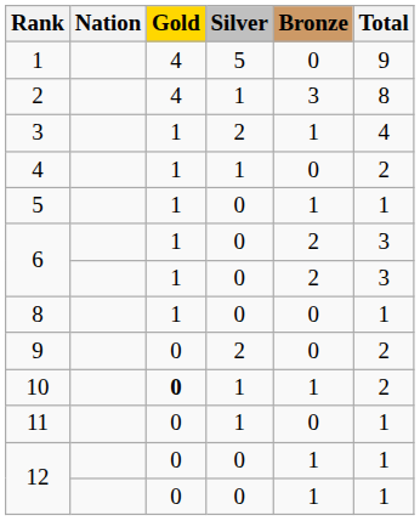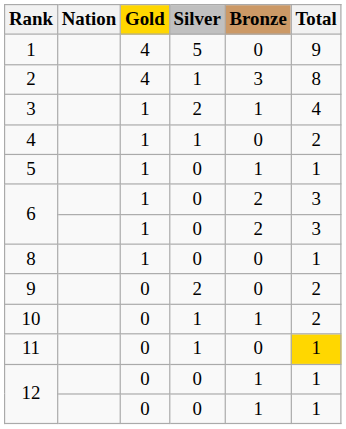 <table class="wikitable sortable" style="text-align:center">
 <tr>
 <th class="unsortable">Rank</th>
 <th>Nation</th>
 <th style="background-color:gold">Gold</th>
 <th style="background-color:silver">Silver</th>
 <th style="background-color:#cc9966">Bronze</th>
 <th>Total</th>
 </tr>
 <tr>
 <td>1</td>
 <td align="left"></td>
 <td>4</td>
 <td>5</td>
 <td>0</td>
 <td>9</td>
 </tr>
 <tr>
 <td>2</td>
 <td align="left"></td>
 <td>4</td>
 <td>1</td>
 <td>3</td>
 <td>8</td>
 </tr>
 <tr>
 <td>3</td>
 <td align=left></td>
 <td>1</td>
 <td>2</td>
 <td>1</td>
 <td>4</td>
 </tr>
 <tr>
 <td>4</td>
 <td align=left></td>
 <td>1</td>
 <td>1</td>
 <td>0</td>
 <td>2</td>
 </tr>
 <tr>
 <td>5</td>
 <td align="left"></td>
 <td>1</td>
 <td>0</td>
 <td>1</td>
 <td>1</td>
 </tr>
 <tr>
 <td rowspan="2">6</td>
 <td align="left"></td>
 <td>1</td>
 <td>0</td>
 <td>2</td>
 <td>3</td>
 </tr>
 <tr>
 <td align="left"></td>
 <td>1</td>
 <td>0</td>
 <td>2</td>
 <td>3</td>
 </tr>
 <tr>
 <td>8</td>
 <td align="left"></td>
 <td>1</td>
 <td>0</td>
 <td>0</td>
 <td>1</td>
 </tr>
 <tr>
 <td>9</td>
 <td align="left"></td>
 <td>0</td>
 <td>2</td>
 <td>0</td>
 <td>2</td>
 </tr>
 <tr>
 <td>10</td>
 <td align="left"></td>
-<td><strong>0</strong></td>
+<td>0</td>
 <td>1</td>
 <td>1</td>
 <td>2</td>
 </tr>
 <tr>
 <td>11</td>
 <td align="left"></td>
 <td>0</td>
 <td>1</td>
 <td>0</td>
-<td>1</td>
+<td style="background: gold;">1</td>
 </tr>
 <tr>
 <td rowspan="2">12</td>
 <td align="left"></td>
 <td>0</td>
 <td>0</td>
 <td>1</td>
 <td>1</td>
 </tr>
 <tr>
 <td align="left"></td>
 <td>0</td>
 <td>0</td>
 <td>1</td>
 <td>1</td>
 </tr>
 </table>
